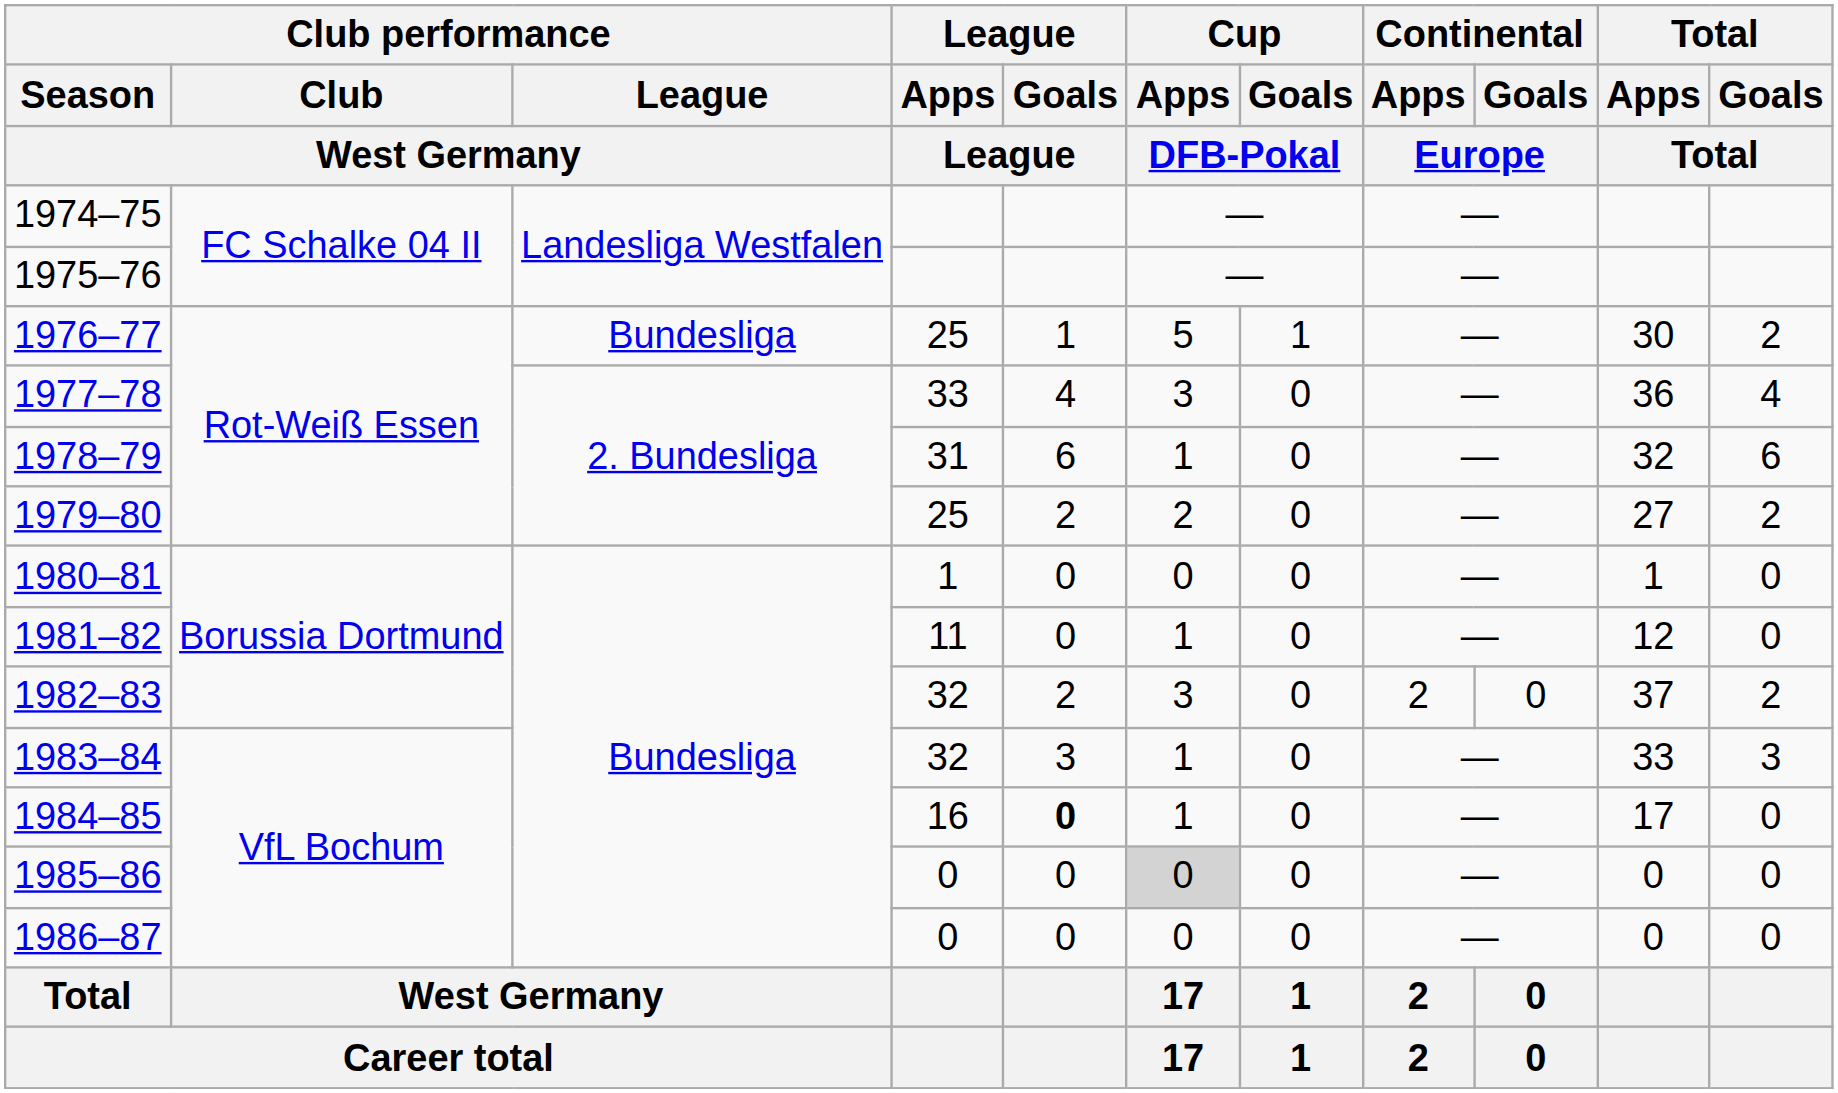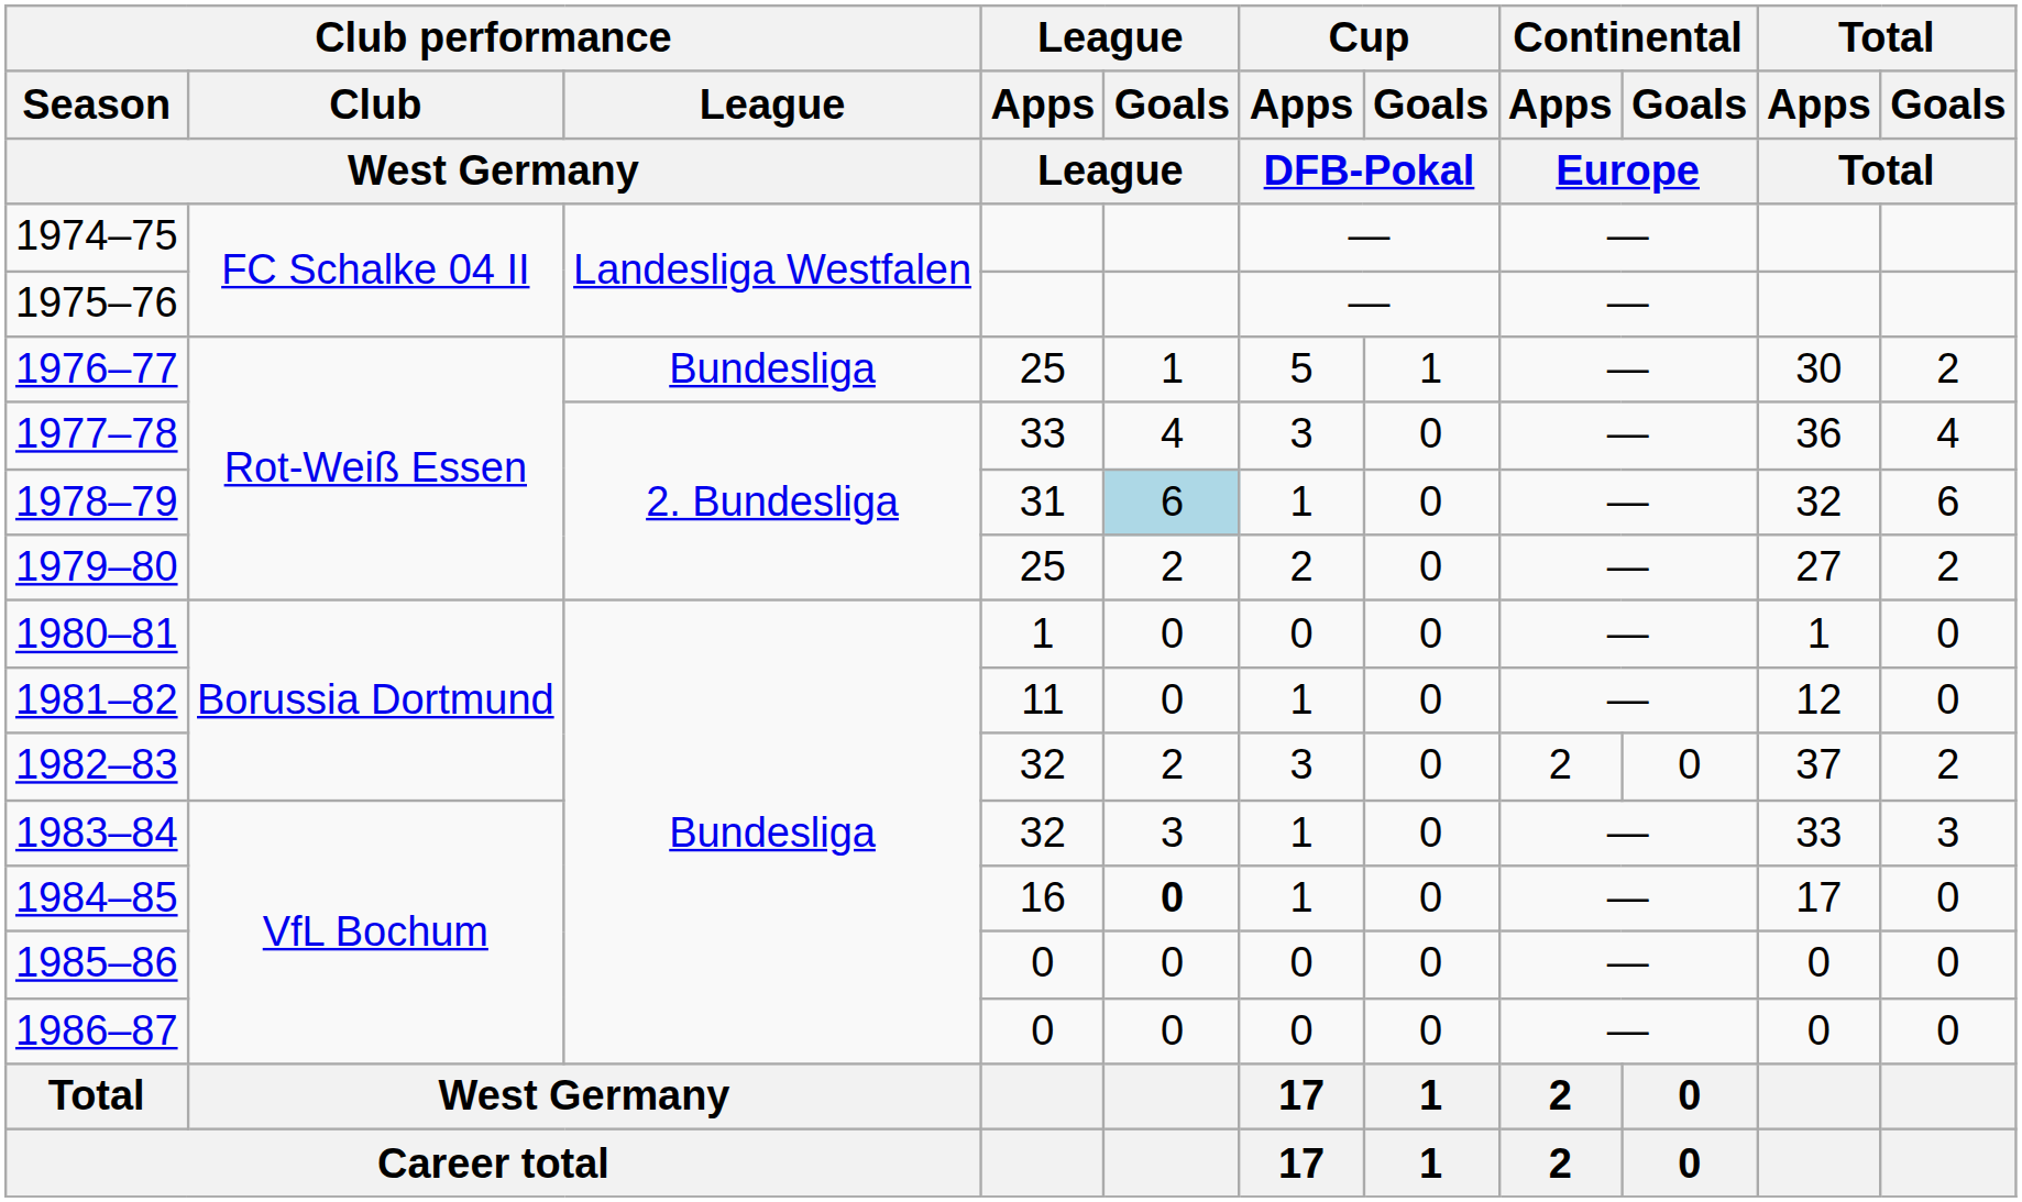 <table class="wikitable" style="text-align:center">
 <tr>
 <th colspan=3>Club performance</th>
 <th colspan=2>League</th>
 <th colspan=2>Cup</th>
 <th colspan=2>Continental</th>
 <th colspan=2>Total</th>
 </tr>
 <tr>
 <th>Season</th>
 <th>Club</th>
 <th>League</th>
 <th>Apps</th>
 <th>Goals</th>
 <th>Apps</th>
 <th>Goals</th>
 <th>Apps</th>
 <th>Goals</th>
 <th>Apps</th>
 <th>Goals</th>
 </tr>
 <tr>
 <th colspan=3>West Germany</th>
 <th colspan=2>League</th>
 <th colspan=2><a href='#'>DFB-Pokal</a></th>
 <th colspan=2><a href='#'>Europe</a></th>
 <th colspan=2>Total</th>
 </tr>
 <tr>
 <td>1974–75</td>
 <td rowspan="2"><a href='#'>FC Schalke 04 II</a></td>
 <td rowspan="2"><a href='#'>Landesliga Westfalen</a></td>
 <td></td>
 <td></td>
 <td colspan="2">—</td>
 <td colspan="2">—</td>
 <td></td>
 <td></td>
 </tr>
 <tr>
 <td>1975–76</td>
 <td></td>
 <td></td>
 <td colspan="2">—</td>
 <td colspan="2">—</td>
 <td></td>
 <td></td>
 </tr>
 <tr>
 <td><a href='#'>1976–77</a></td>
 <td rowspan="4"><a href='#'>Rot-Weiß Essen</a></td>
 <td><a href='#'>Bundesliga</a></td>
 <td>25</td>
 <td>1</td>
 <td>5</td>
 <td>1</td>
 <td colspan="2">—</td>
 <td>30</td>
 <td>2</td>
 </tr>
 <tr>
 <td><a href='#'>1977–78</a></td>
 <td rowspan="3"><a href='#'>2. Bundesliga</a></td>
 <td>33</td>
 <td>4</td>
 <td>3</td>
 <td>0</td>
 <td colspan="2">—</td>
 <td>36</td>
 <td>4</td>
 </tr>
 <tr>
 <td><a href='#'>1978–79</a></td>
 <td>31</td>
-<td>6</td>
+<td style="background: lightblue;">6</td>
 <td>1</td>
 <td>0</td>
 <td colspan="2">—</td>
 <td>32</td>
 <td>6</td>
 </tr>
 <tr>
 <td><a href='#'>1979–80</a></td>
 <td>25</td>
 <td>2</td>
 <td>2</td>
 <td>0</td>
 <td colspan="2">—</td>
 <td>27</td>
 <td>2</td>
 </tr>
 <tr>
 <td><a href='#'>1980–81</a></td>
 <td rowspan="3"><a href='#'>Borussia Dortmund</a></td>
 <td rowspan="7"><a href='#'>Bundesliga</a></td>
 <td>1</td>
 <td>0</td>
 <td>0</td>
 <td>0</td>
 <td colspan="2">—</td>
 <td>1</td>
 <td>0</td>
 </tr>
 <tr>
 <td><a href='#'>1981–82</a></td>
 <td>11</td>
 <td>0</td>
 <td>1</td>
 <td>0</td>
 <td colspan="2">—</td>
 <td>12</td>
 <td>0</td>
 </tr>
 <tr>
 <td><a href='#'>1982–83</a></td>
 <td>32</td>
 <td>2</td>
 <td>3</td>
 <td>0</td>
 <td>2</td>
 <td>0</td>
 <td>37</td>
 <td>2</td>
 </tr>
 <tr>
 <td><a href='#'>1983–84</a></td>
 <td rowspan="4"><a href='#'>VfL Bochum</a></td>
 <td>32</td>
 <td>3</td>
 <td>1</td>
 <td>0</td>
 <td colspan="2">—</td>
 <td>33</td>
 <td>3</td>
 </tr>
 <tr>
 <td><a href='#'>1984–85</a></td>
 <td>16</td>
 <td><strong>0</strong></td>
 <td>1</td>
 <td>0</td>
 <td colspan="2">—</td>
 <td>17</td>
 <td>0</td>
 </tr>
 <tr>
 <td><a href='#'>1985–86</a></td>
 <td>0</td>
 <td>0</td>
-<td style="background: lightgrey;">0</td>
+<td>0</td>
 <td>0</td>
 <td colspan="2">—</td>
 <td>0</td>
 <td>0</td>
 </tr>
 <tr>
 <td><a href='#'>1986–87</a></td>
 <td>0</td>
 <td>0</td>
 <td>0</td>
 <td>0</td>
 <td colspan="2">—</td>
 <td>0</td>
 <td>0</td>
 </tr>
 <tr>
 <th rowspan=1>Total</th>
 <th colspan=2>West Germany</th>
 <th></th>
 <th></th>
 <th>17</th>
 <th>1</th>
 <th>2</th>
 <th>0</th>
 <th></th>
 <th></th>
 </tr>
 <tr>
 <th colspan=3>Career total</th>
 <th></th>
 <th></th>
 <th>17</th>
 <th>1</th>
 <th>2</th>
 <th>0</th>
 <th></th>
 <th></th>
 </tr>
 </table>
